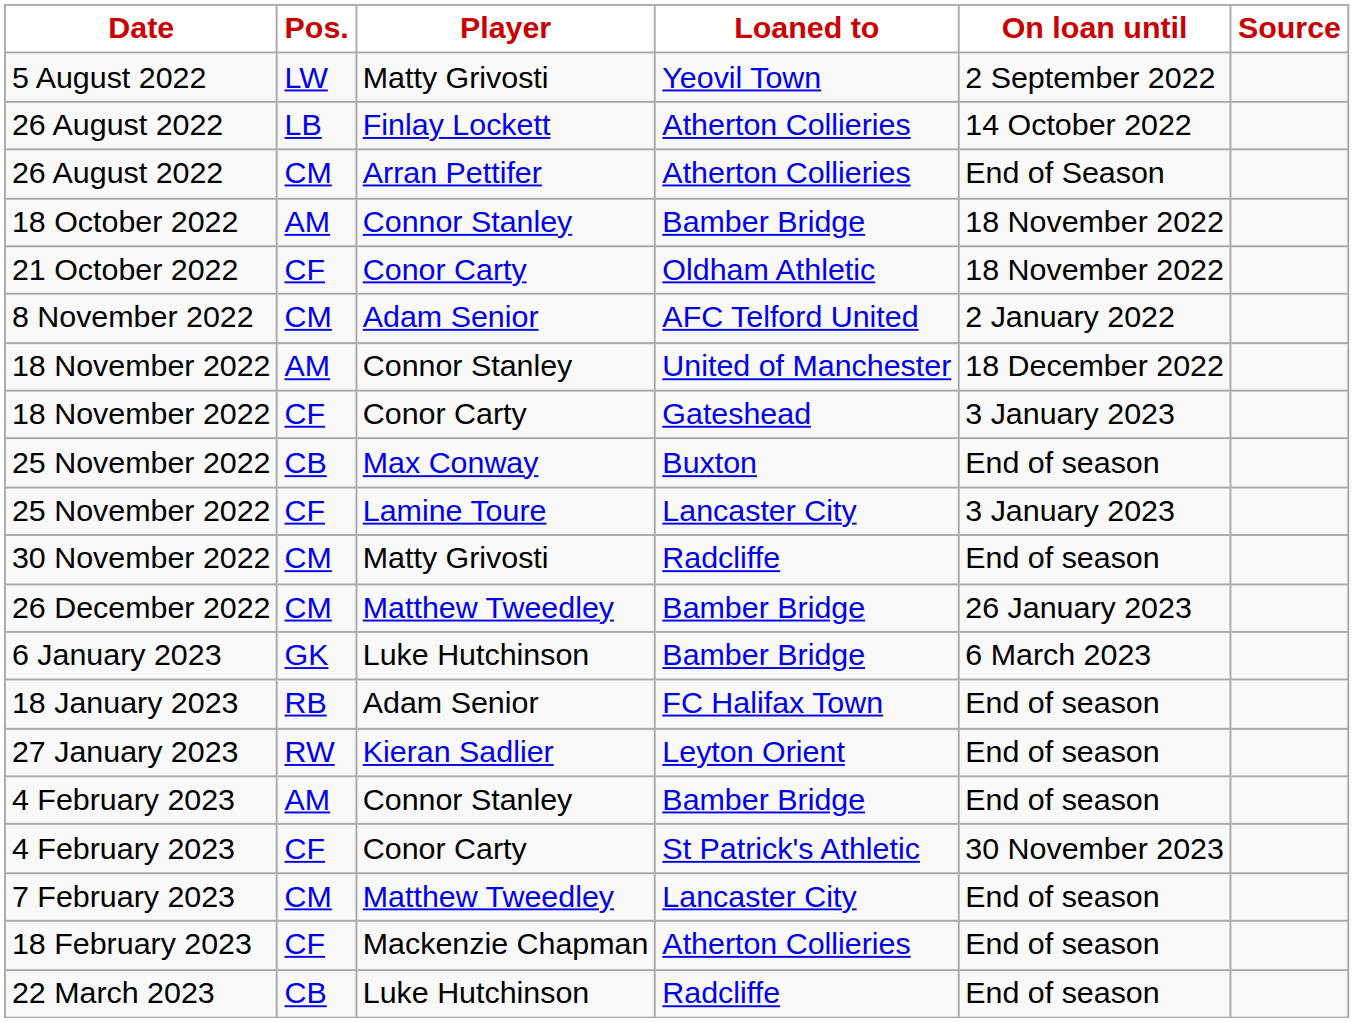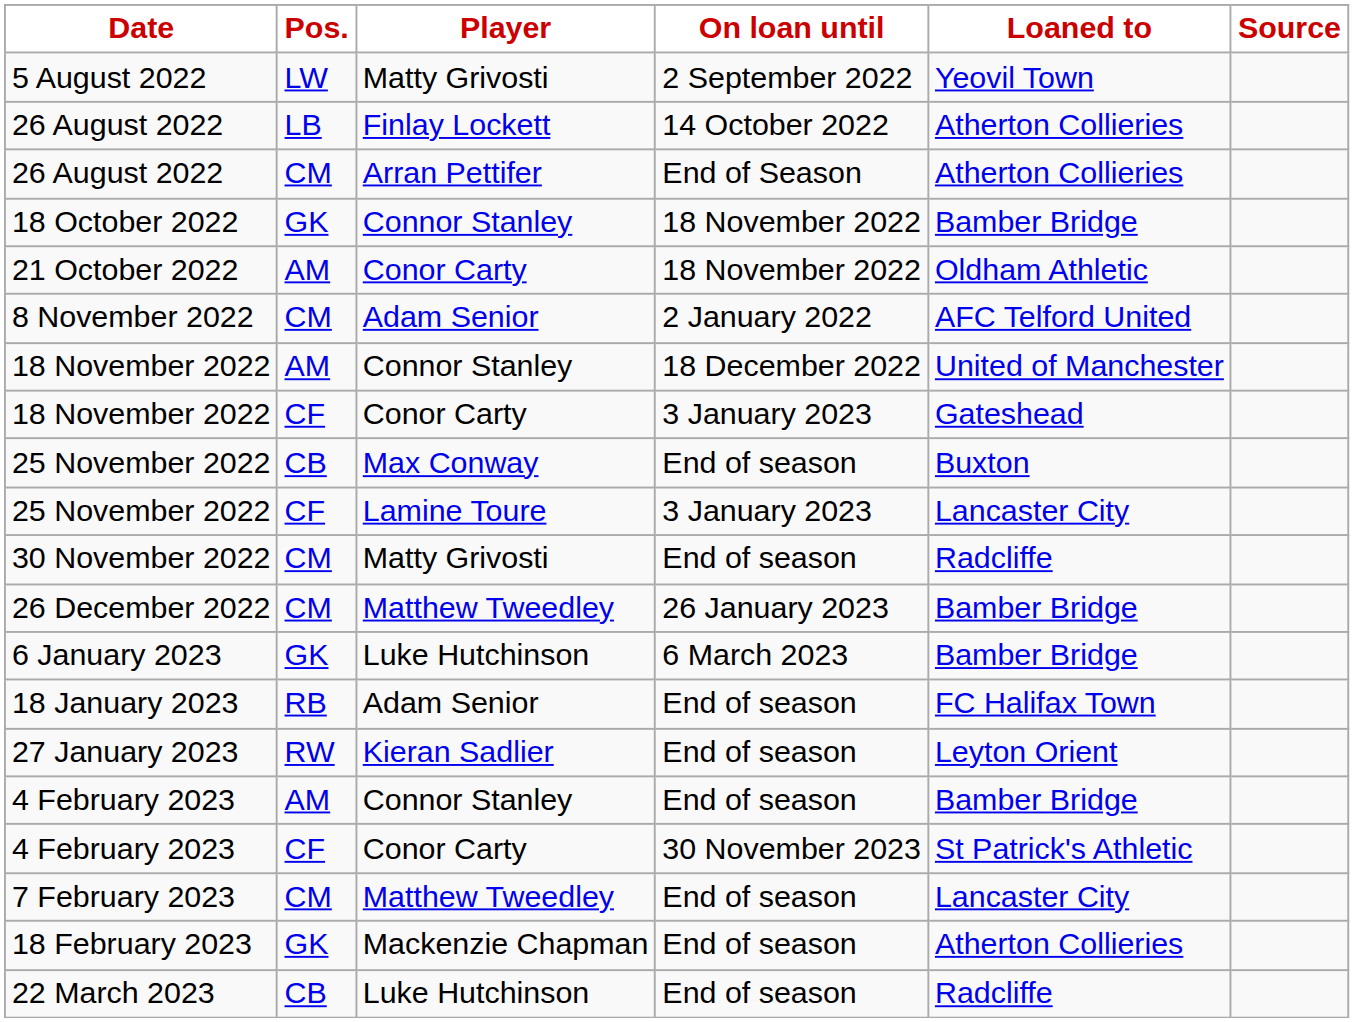 <table class="wikitable plainrowheaders sortable">
 <tr>
 <th style="background:#ffffff;color:#cc0000;">Date</th>
 <th style="background:#ffffff;color:#cc0000;">Pos.</th>
 <th style="background:#ffffff;color:#cc0000;">Player</th>
+<th style="background:#ffffff;color:#cc0000;">On loan until</th>
 <th style="background:#ffffff;color:#cc0000;">Loaned to</th>
-<th style="background:#ffffff;color:#cc0000;">On loan until</th>
 <th style="background:#ffffff;color:#cc0000;">Source</th>
 </tr>
 <tr>
 <td>5 August 2022</td>
 <td><a href='#'>LW</a></td>
 <td> Matty Grivosti</td>
+<td>2 September 2022</td>
 <td> <a href='#'>Yeovil Town</a></td>
-<td>2 September 2022</td>
 <td></td>
 </tr>
 <tr>
 <td>26 August 2022</td>
 <td><a href='#'>LB</a></td>
 <td> <a href='#'>Finlay Lockett</a></td>
+<td>14 October 2022</td>
 <td> <a href='#'>Atherton Collieries</a></td>
-<td>14 October 2022</td>
 <td></td>
 </tr>
 <tr>
 <td>26 August 2022</td>
 <td><a href='#'>CM</a></td>
 <td> <a href='#'>Arran Pettifer</a></td>
+<td>End of Season</td>
 <td> <a href='#'>Atherton Collieries</a></td>
-<td>End of Season</td>
 <td></td>
 </tr>
 <tr>
 <td>18 October 2022</td>
-<td><a href='#'>AM</a></td>
+<td><a href='#'>GK</a></td>
 <td> <a href='#'>Connor Stanley</a></td>
+<td>18 November 2022</td>
 <td> <a href='#'>Bamber Bridge</a></td>
-<td>18 November 2022</td>
 <td></td>
 </tr>
 <tr>
 <td>21 October 2022</td>
-<td><a href='#'>CF</a></td>
+<td><a href='#'>AM</a></td>
 <td> <a href='#'>Conor Carty</a></td>
+<td>18 November 2022</td>
 <td> <a href='#'>Oldham Athletic</a></td>
-<td>18 November 2022</td>
 <td></td>
 </tr>
 <tr>
 <td>8 November 2022</td>
 <td><a href='#'>CM</a></td>
 <td> <a href='#'>Adam Senior</a></td>
+<td>2 January 2022</td>
 <td> <a href='#'>AFC Telford United</a></td>
-<td>2 January 2022</td>
 <td></td>
 </tr>
 <tr>
 <td>18 November 2022</td>
 <td><a href='#'>AM</a></td>
 <td> Connor Stanley</td>
+<td>18 December 2022</td>
 <td> <a href='#'>United of Manchester</a></td>
-<td>18 December 2022</td>
 <td></td>
 </tr>
 <tr>
 <td>18 November 2022</td>
 <td><a href='#'>CF</a></td>
 <td> Conor Carty</td>
+<td>3 January 2023</td>
 <td> <a href='#'>Gateshead</a></td>
-<td>3 January 2023</td>
 <td></td>
 </tr>
 <tr>
 <td>25 November 2022</td>
 <td><a href='#'>CB</a></td>
 <td> <a href='#'>Max Conway</a></td>
+<td>End of season</td>
 <td> <a href='#'>Buxton</a></td>
-<td>End of season</td>
 <td></td>
 </tr>
 <tr>
 <td>25 November 2022</td>
 <td><a href='#'>CF</a></td>
 <td> <a href='#'>Lamine Toure</a></td>
+<td>3 January 2023</td>
 <td> <a href='#'>Lancaster City</a></td>
-<td>3 January 2023</td>
 <td></td>
 </tr>
 <tr>
 <td>30 November 2022</td>
 <td><a href='#'>CM</a></td>
 <td> Matty Grivosti</td>
+<td>End of season</td>
 <td> <a href='#'>Radcliffe</a></td>
-<td>End of season</td>
 <td></td>
 </tr>
 <tr>
 <td>26 December 2022</td>
 <td><a href='#'>CM</a></td>
 <td> <a href='#'>Matthew Tweedley</a></td>
+<td>26 January 2023</td>
 <td> <a href='#'>Bamber Bridge</a></td>
-<td>26 January 2023</td>
 <td></td>
 </tr>
 <tr>
 <td>6 January 2023</td>
 <td><a href='#'>GK</a></td>
 <td> Luke Hutchinson</td>
+<td>6 March 2023</td>
 <td> <a href='#'>Bamber Bridge</a></td>
-<td>6 March 2023</td>
 <td></td>
 </tr>
 <tr>
 <td>18 January 2023</td>
 <td><a href='#'>RB</a></td>
 <td> Adam Senior</td>
+<td>End of season</td>
 <td> <a href='#'>FC Halifax Town</a></td>
-<td>End of season</td>
 <td></td>
 </tr>
 <tr>
 <td>27 January 2023</td>
 <td><a href='#'>RW</a></td>
 <td> <a href='#'>Kieran Sadlier</a></td>
+<td>End of season</td>
 <td> <a href='#'>Leyton Orient</a></td>
-<td>End of season</td>
 <td></td>
 </tr>
 <tr>
 <td>4 February 2023</td>
 <td><a href='#'>AM</a></td>
 <td> Connor Stanley</td>
+<td>End of season</td>
 <td> <a href='#'>Bamber Bridge</a></td>
-<td>End of season</td>
 <td></td>
 </tr>
 <tr>
 <td>4 February 2023</td>
 <td><a href='#'>CF</a></td>
 <td> Conor Carty</td>
+<td>30 November 2023</td>
 <td> <a href='#'>St Patrick's Athletic</a></td>
-<td>30 November 2023</td>
 <td></td>
 </tr>
 <tr>
 <td>7 February 2023</td>
 <td><a href='#'>CM</a></td>
 <td> <a href='#'>Matthew Tweedley</a></td>
+<td>End of season</td>
 <td> <a href='#'>Lancaster City</a></td>
-<td>End of season</td>
 <td></td>
 </tr>
 <tr>
 <td>18 February 2023</td>
-<td><a href='#'>CF</a></td>
+<td><a href='#'>GK</a></td>
 <td> Mackenzie Chapman</td>
+<td>End of season</td>
 <td> <a href='#'>Atherton Collieries</a></td>
-<td>End of season</td>
 <td></td>
 </tr>
 <tr>
 <td>22 March 2023</td>
 <td><a href='#'>CB</a></td>
 <td> Luke Hutchinson</td>
+<td>End of season</td>
 <td> <a href='#'>Radcliffe</a></td>
-<td>End of season</td>
 <td></td>
 </tr>
 </table>
